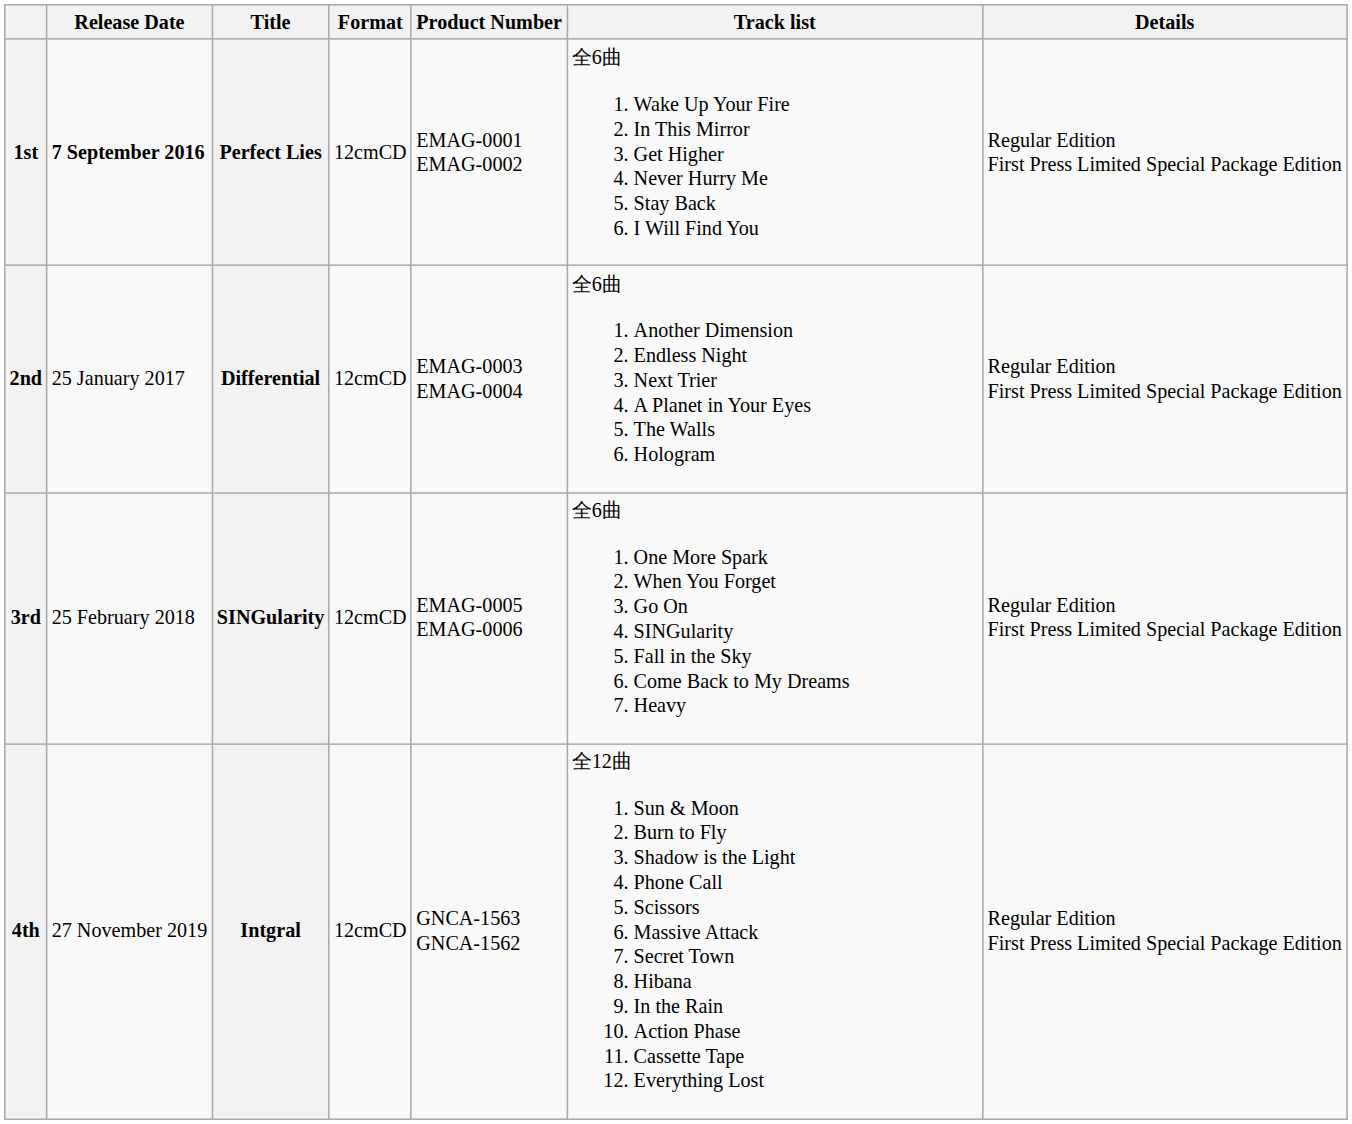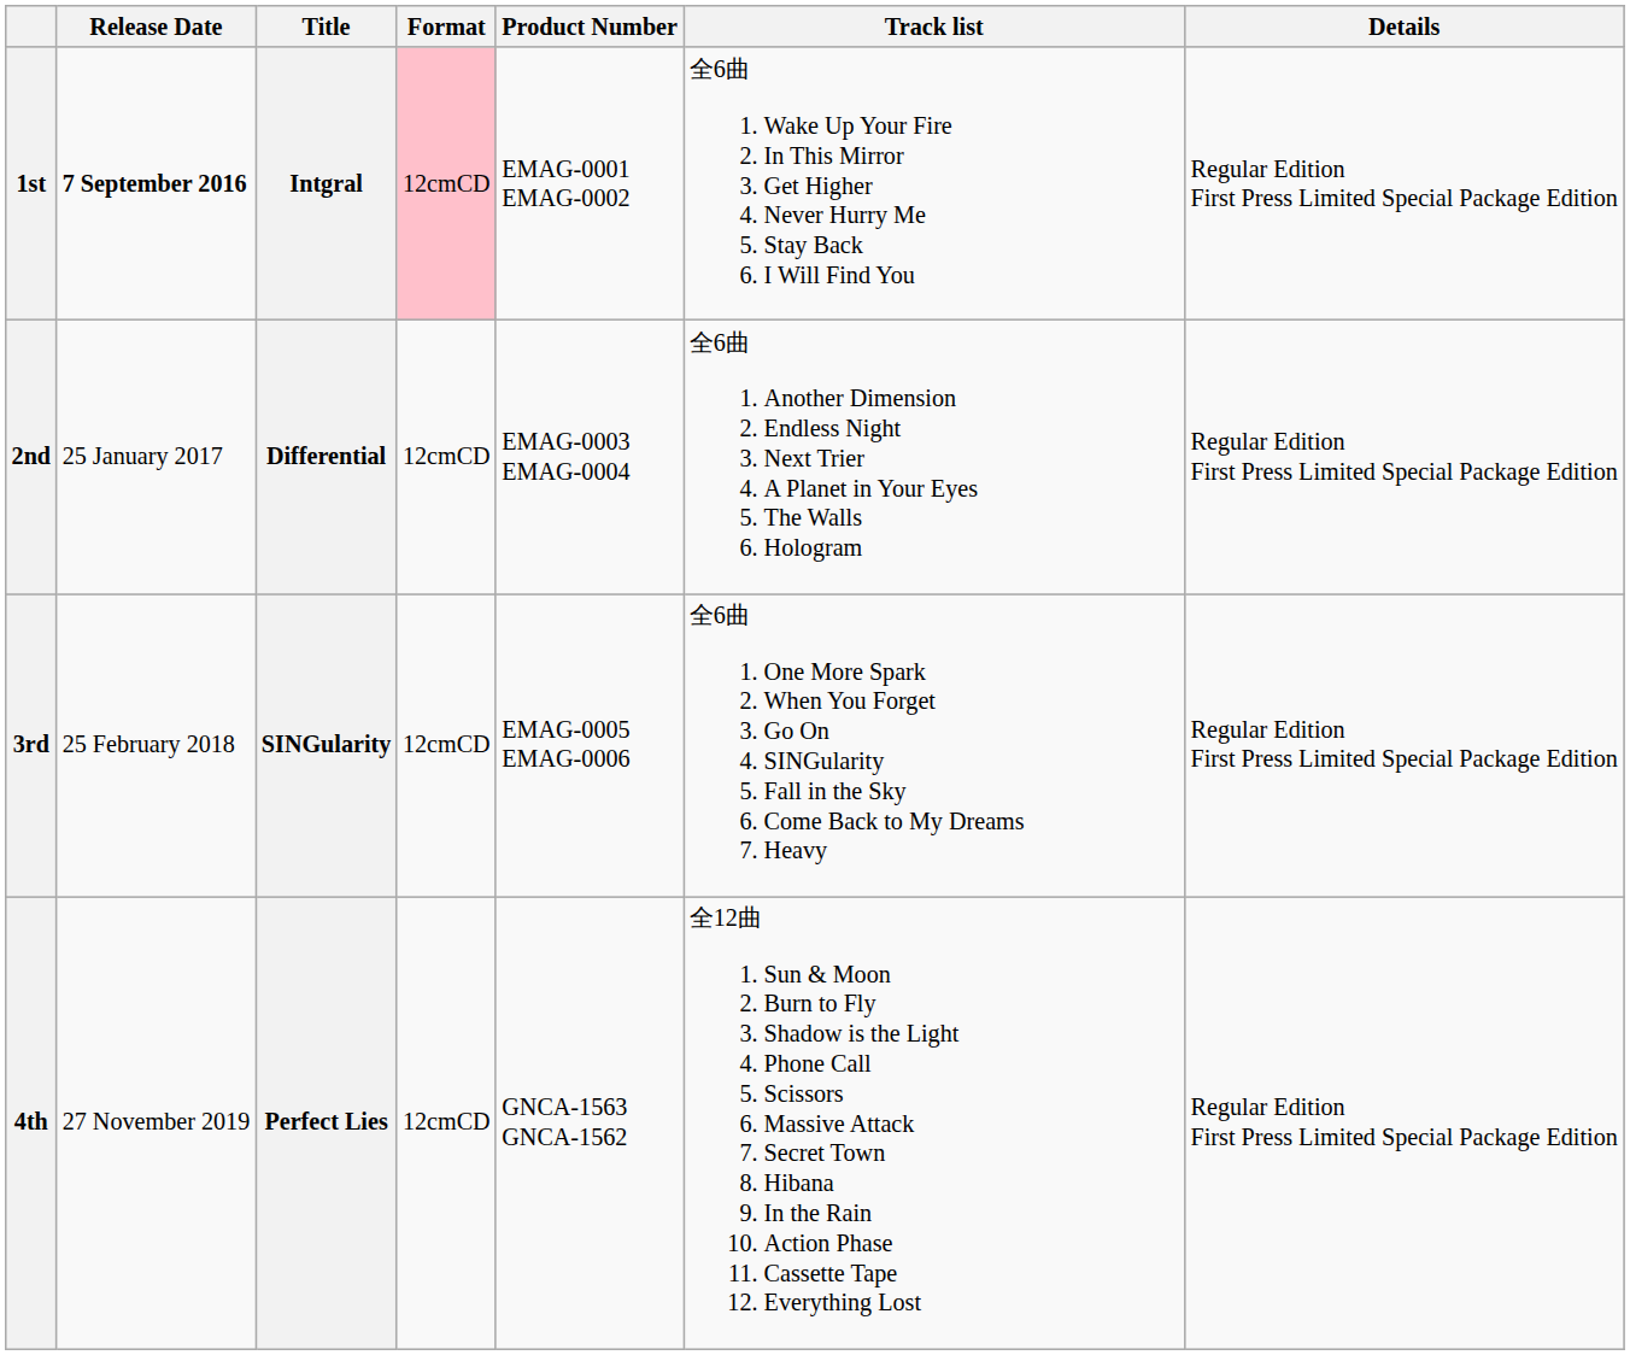 <table class="wikitable" style="font-size:small">
 <tr>
 <th> </th>
 <th>Release Date</th>
 <th>Title</th>
 <th>Format</th>
 <th>Product Number</th>
 <th style="width:31%">Track list</th>
 <th>Details</th>
 </tr>
 <tr>
 <th>1st</th>
 <td><strong>7 September 2016</strong></td>
-<th><strong>Perfect Lies</strong></th>
-<td>12cmCD</td>
+<th><strong>Intgral</strong></th>
+<td style="background: pink;">12cmCD</td>
 <td>EMAG-0001<br>EMAG-0002</td>
 <td>全6曲<br><ol><li>Wake Up Your Fire</li><li>In This Mirror</li><li>Get Higher</li><li>Never Hurry Me</li><li>Stay Back</li><li>I Will Find You</li></ol></td>
 <td>Regular Edition<br>First Press Limited Special Package Edition</td>
 </tr>
 <tr>
 <th>2nd</th>
 <td>25 January 2017</td>
 <th><strong>Differential</strong></th>
 <td>12cmCD</td>
 <td>EMAG-0003<br>EMAG-0004</td>
 <td>全6曲<br><ol><li>Another Dimension</li><li>Endless Night</li><li>Next Trier</li><li>A Planet in Your Eyes</li><li>The Walls</li><li>Hologram</li></ol></td>
 <td>Regular Edition<br>First Press Limited Special Package Edition</td>
 </tr>
 <tr>
 <th>3rd</th>
 <td>25 February 2018</td>
 <th><strong>SINGularity</strong></th>
 <td>12cmCD</td>
 <td>EMAG-0005<br>EMAG-0006</td>
 <td>全6曲<br><ol><li>One More Spark</li><li>When You Forget</li><li>Go On</li><li>SINGularity</li><li>Fall in the Sky</li><li>Come Back to My Dreams</li><li>Heavy</li></ol></td>
 <td>Regular Edition<br>First Press Limited Special Package Edition</td>
 </tr>
 <tr>
 <th>4th</th>
 <td>27 November 2019</td>
-<th><strong>Intgral</strong></th>
+<th><strong>Perfect Lies</strong></th>
 <td>12cmCD</td>
 <td>GNCA-1563<br>GNCA-1562</td>
 <td>全12曲<br><ol><li>Sun & Moon</li><li>Burn to Fly</li><li>Shadow is the Light</li><li>Phone Call</li><li>Scissors</li><li>Massive Attack</li><li>Secret Town</li><li>Hibana</li><li>In the Rain</li><li>Action Phase</li><li>Cassette Tape</li><li>Everything Lost</li></ol></td>
 <td>Regular Edition<br>First Press Limited Special Package Edition</td>
 </tr>
 </table>
